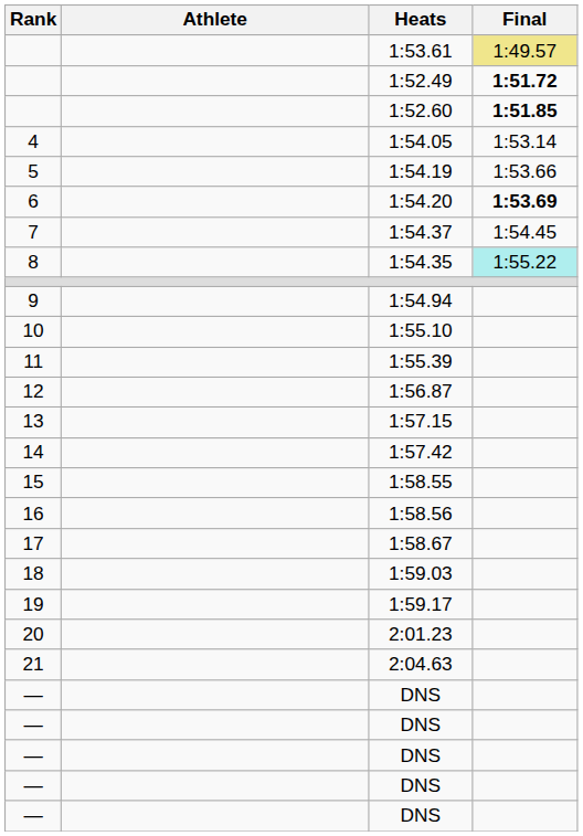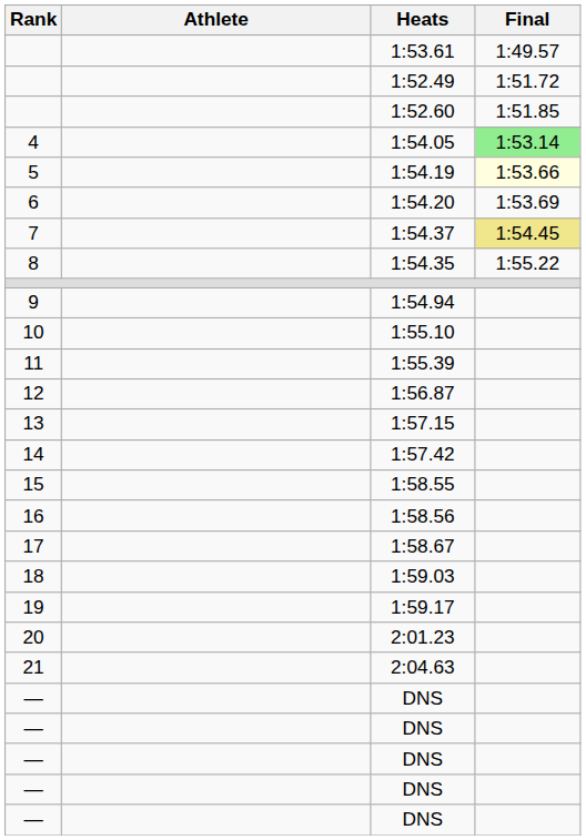 <table class=wikitable style="text-align:center">
 <tr>
 <th width=40>Rank</th>
 <th width=250>Athlete</th>
 <th width=80>Heats</th>
 <th width=80>Final</th>
 </tr>
 <tr>
 <td></td>
 <td align=left></td>
 <td>1:53.61</td>
-<td style="background: khaki;">1:49.57</td>
+<td>1:49.57</td>
 </tr>
 <tr>
 <td></td>
 <td align=left></td>
 <td>1:52.49</td>
-<td><strong>1:51.72</strong></td>
+<td>1:51.72</td>
 </tr>
 <tr>
 <td></td>
 <td align=left></td>
 <td>1:52.60</td>
-<td><strong>1:51.85</strong></td>
+<td>1:51.85</td>
 </tr>
 <tr>
 <td>4</td>
 <td align=left></td>
 <td>1:54.05</td>
-<td>1:53.14</td>
+<td style="background: lightgreen;">1:53.14</td>
 </tr>
 <tr>
 <td>5</td>
 <td align=left></td>
 <td>1:54.19</td>
-<td>1:53.66</td>
+<td style="background: lightyellow;">1:53.66</td>
 </tr>
 <tr>
 <td>6</td>
 <td align=left></td>
 <td>1:54.20</td>
-<td><strong>1:53.69</strong></td>
+<td>1:53.69</td>
 </tr>
 <tr>
 <td>7</td>
 <td align=left></td>
 <td>1:54.37</td>
-<td>1:54.45</td>
+<td style="background: khaki;">1:54.45</td>
 </tr>
 <tr>
 <td>8</td>
 <td align=left></td>
 <td>1:54.35</td>
-<td style="background: paleturquoise;">1:55.22</td>
+<td>1:55.22</td>
 </tr>
 <tr bgcolor=#DDDDDD>
 <td colspan=4></td>
 </tr>
 <tr>
 <td>9</td>
 <td align=left></td>
 <td>1:54.94</td>
 <td></td>
 </tr>
 <tr>
 <td>10</td>
 <td align=left></td>
 <td>1:55.10</td>
 <td></td>
 </tr>
 <tr>
 <td>11</td>
 <td align=left></td>
 <td>1:55.39</td>
 <td></td>
 </tr>
 <tr>
 <td>12</td>
 <td align=left></td>
 <td>1:56.87</td>
 <td></td>
 </tr>
 <tr>
 <td>13</td>
 <td align=left></td>
 <td>1:57.15</td>
 <td></td>
 </tr>
 <tr>
 <td>14</td>
 <td align=left></td>
 <td>1:57.42</td>
 <td></td>
 </tr>
 <tr>
 <td>15</td>
 <td align=left></td>
 <td>1:58.55</td>
 <td></td>
 </tr>
 <tr>
 <td>16</td>
 <td align=left></td>
 <td>1:58.56</td>
 <td></td>
 </tr>
 <tr>
 <td>17</td>
 <td align=left></td>
 <td>1:58.67</td>
 <td></td>
 </tr>
 <tr>
 <td>18</td>
 <td align=left></td>
 <td>1:59.03</td>
 <td></td>
 </tr>
 <tr>
 <td>19</td>
 <td align=left></td>
 <td>1:59.17</td>
 <td></td>
 </tr>
 <tr>
 <td>20</td>
 <td align=left></td>
 <td>2:01.23</td>
 <td></td>
 </tr>
 <tr>
 <td>21</td>
 <td align=left></td>
 <td>2:04.63</td>
 <td></td>
 </tr>
 <tr>
 <td>—</td>
 <td align=left></td>
 <td>DNS</td>
 <td></td>
 </tr>
 <tr>
 <td>—</td>
 <td align=left></td>
 <td>DNS</td>
 <td></td>
 </tr>
 <tr>
 <td>—</td>
 <td align=left></td>
 <td>DNS</td>
 <td></td>
 </tr>
 <tr>
 <td>—</td>
 <td align=left></td>
 <td>DNS</td>
 <td></td>
 </tr>
 <tr>
 <td>—</td>
 <td align=left></td>
 <td>DNS</td>
 <td></td>
 </tr>
 </table>
